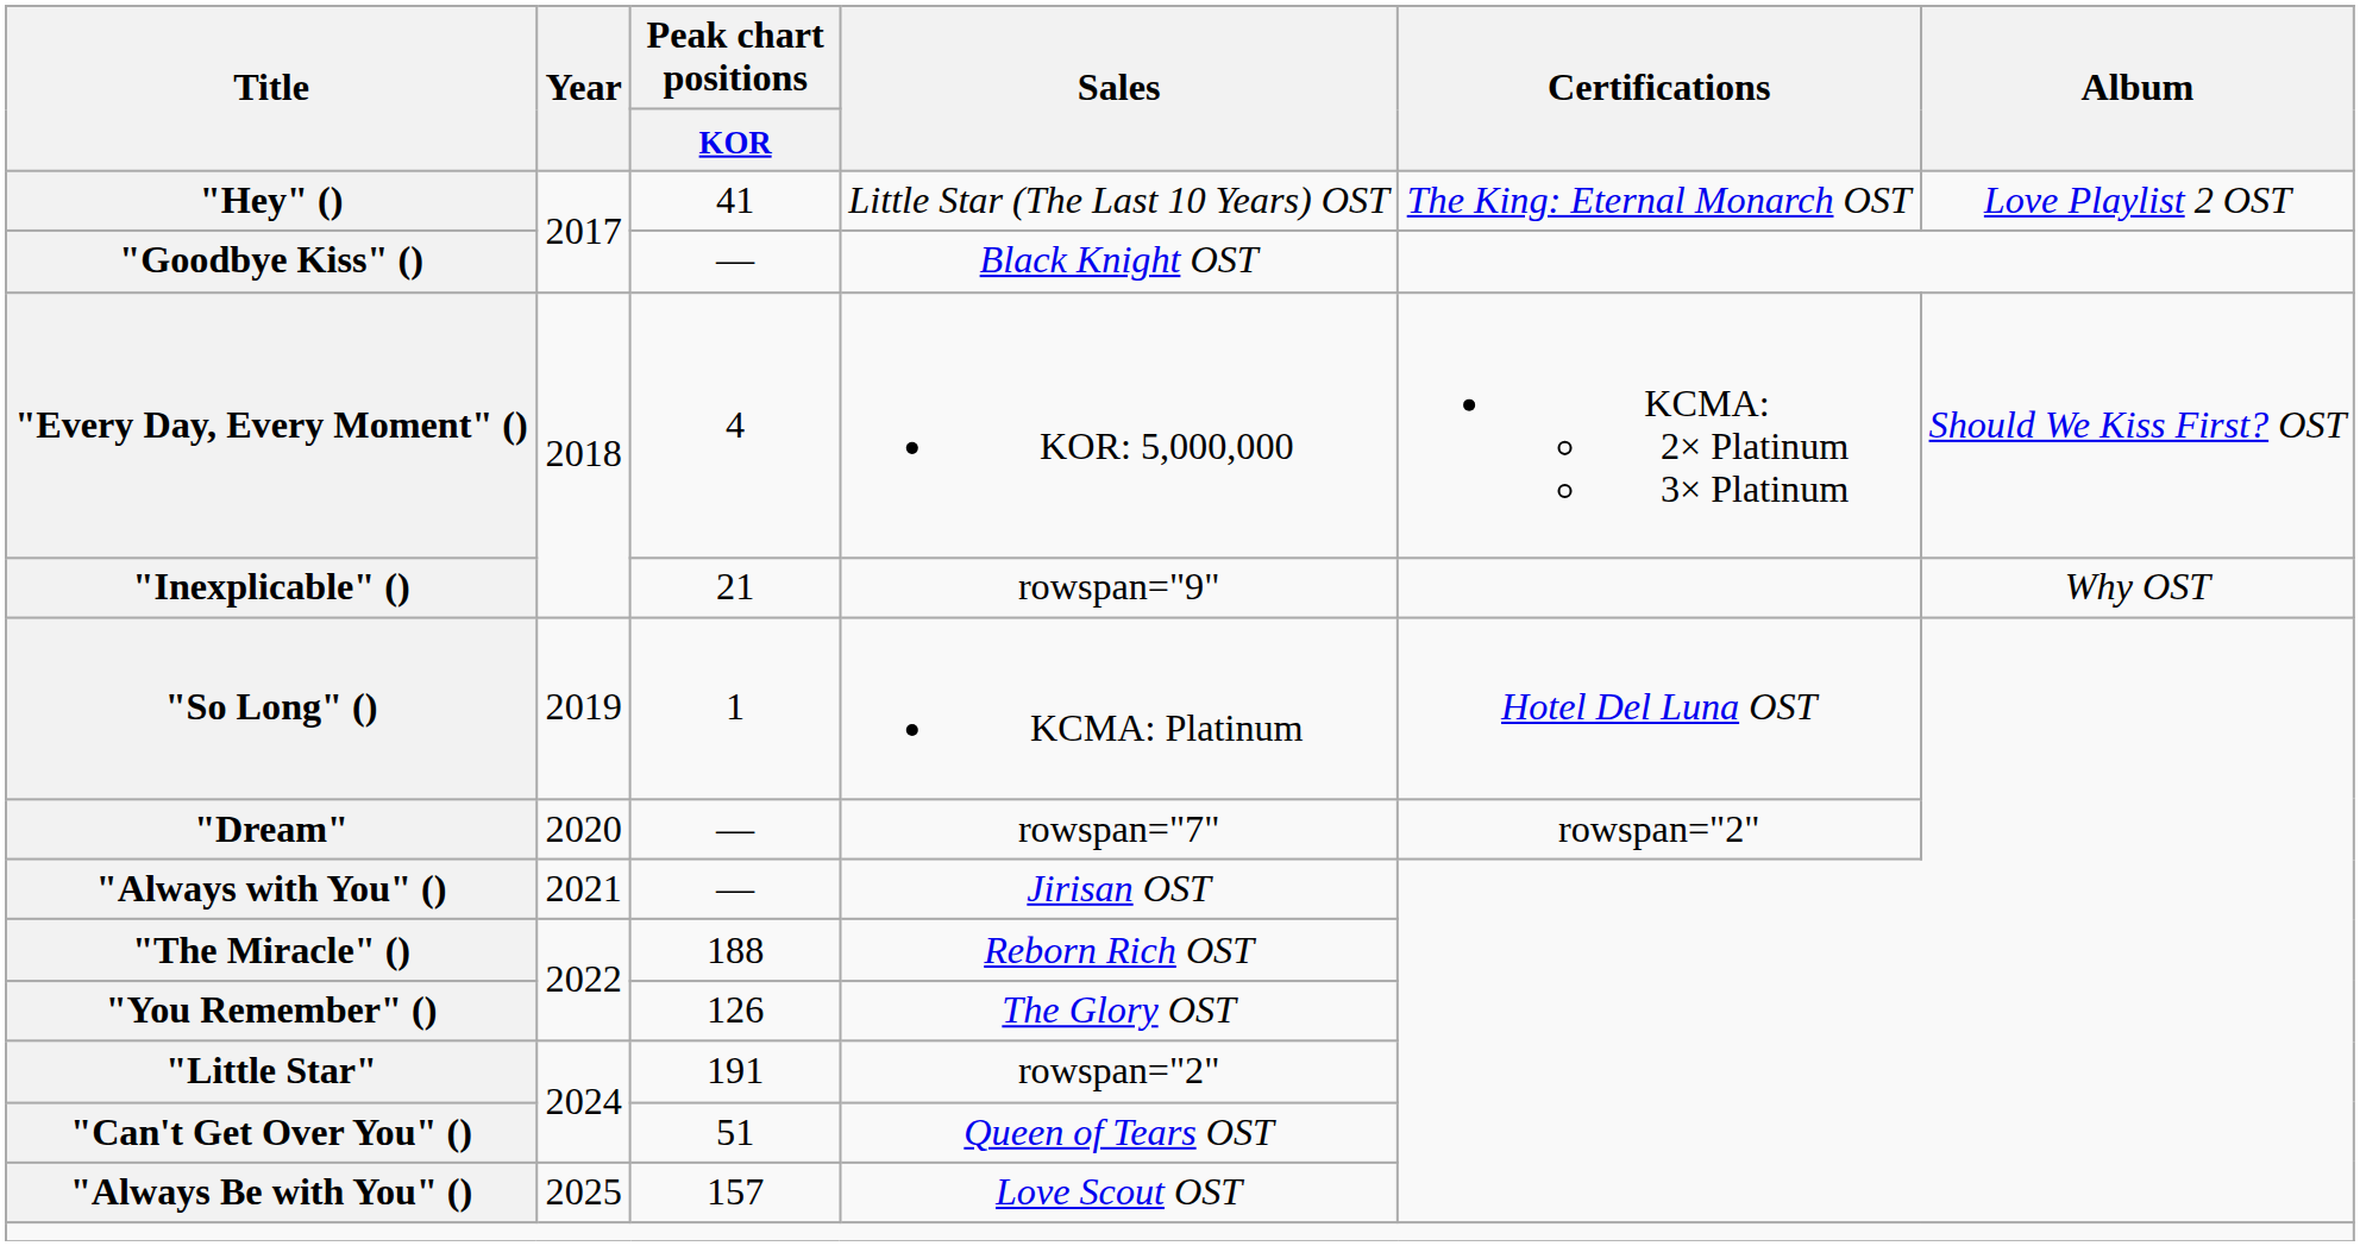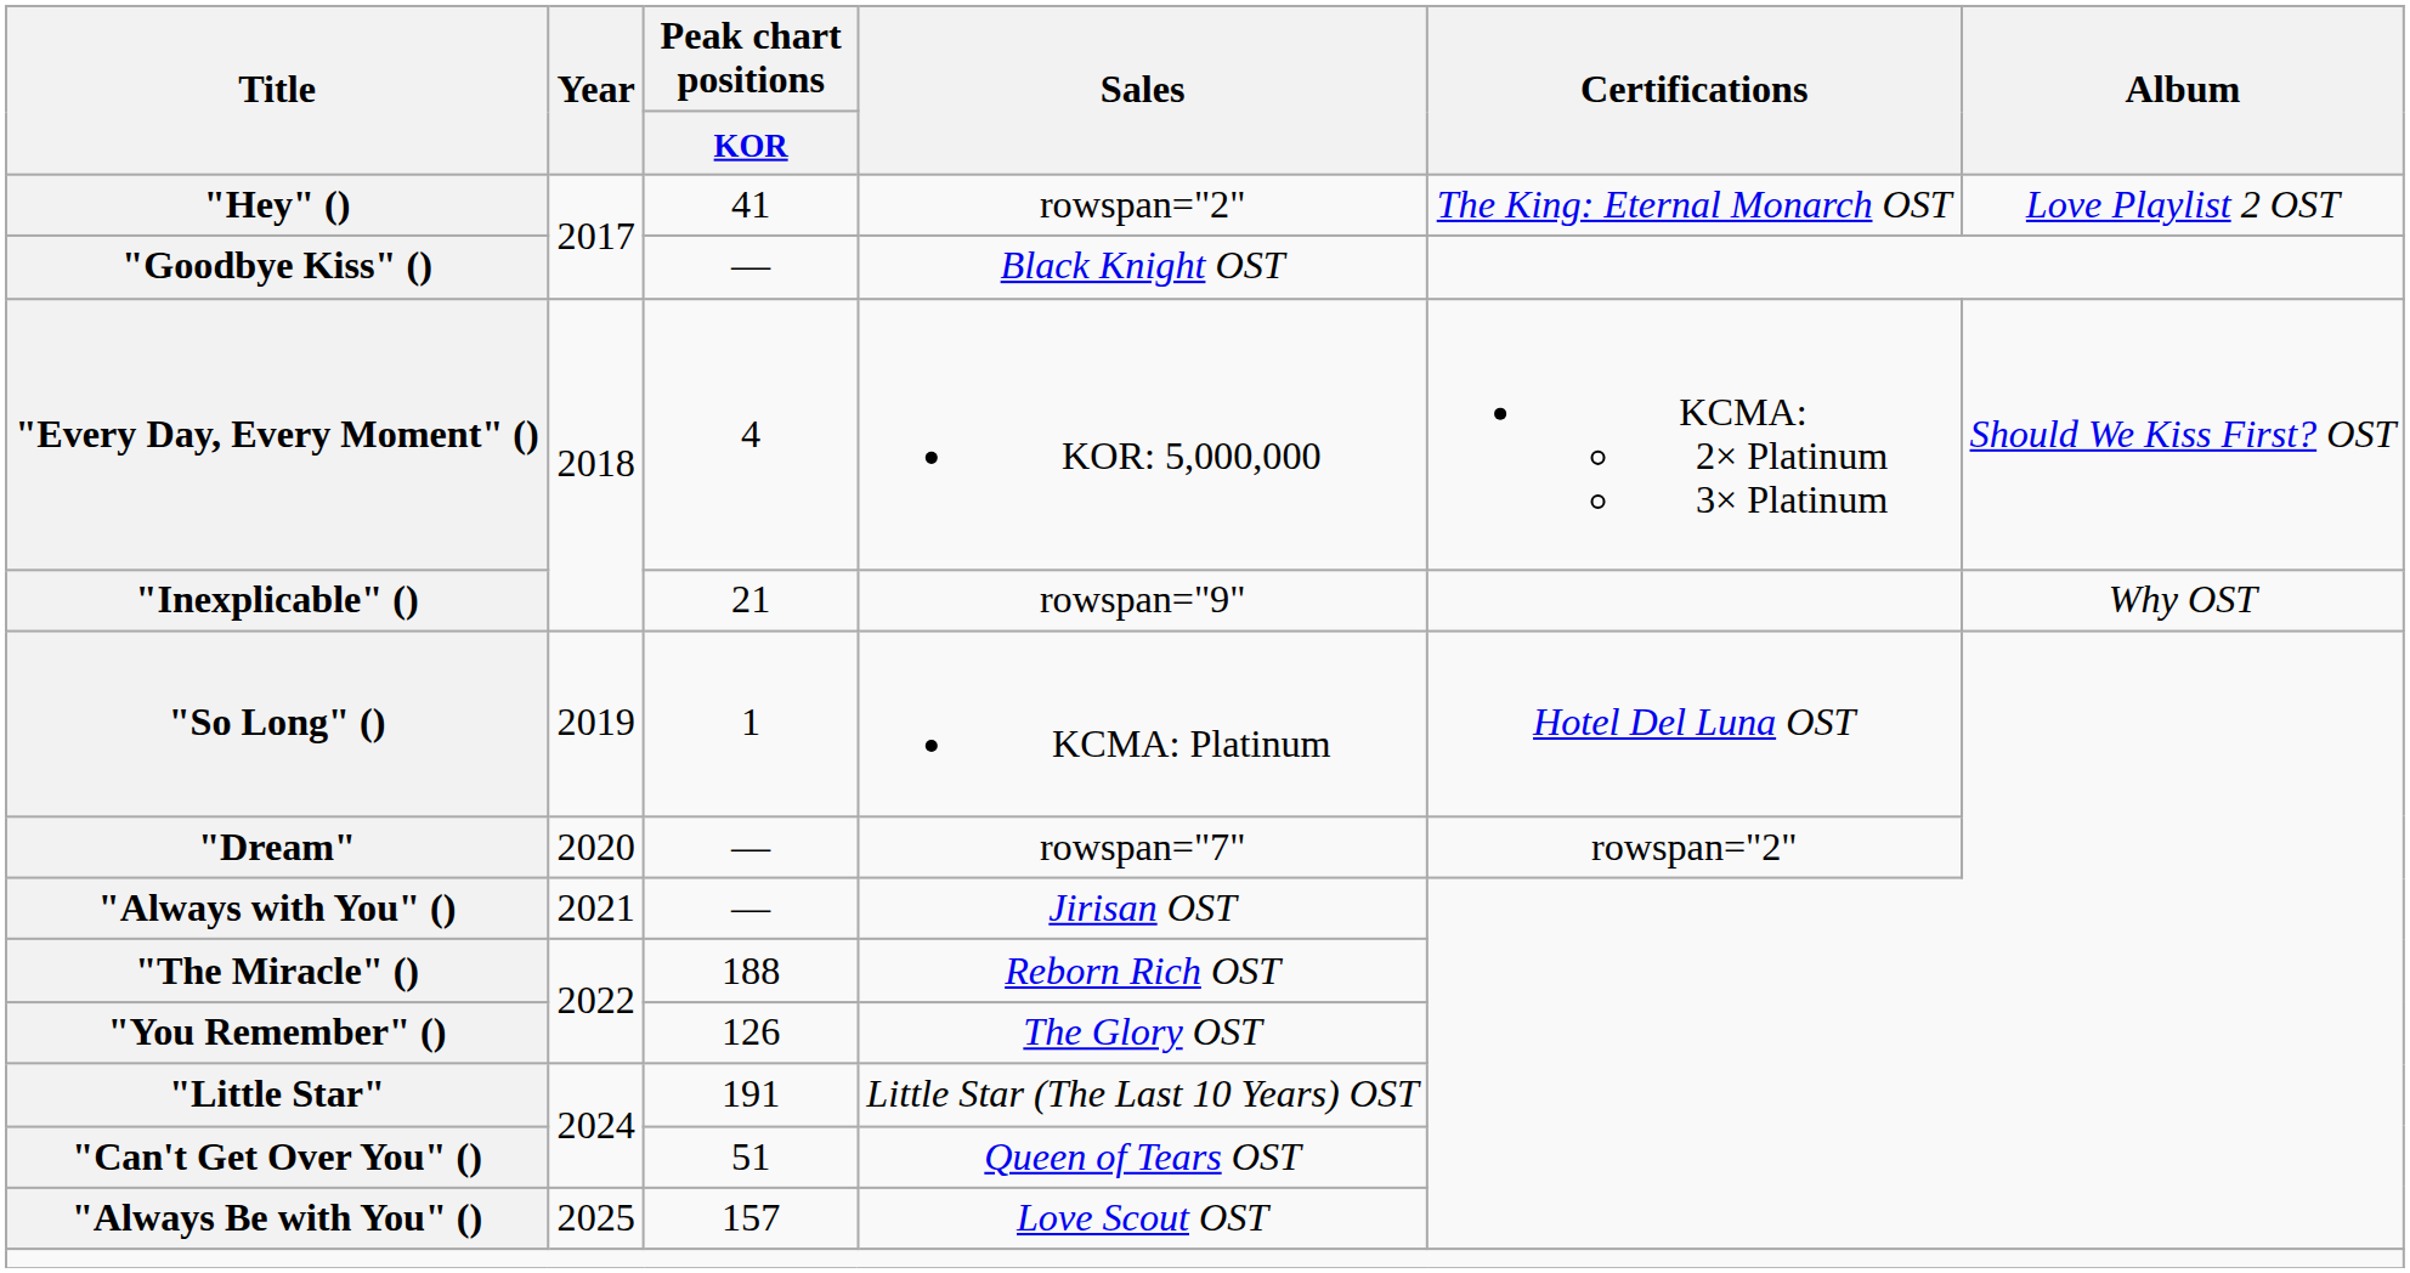 <table class="wikitable plainrowheaders" style="text-align:center;">
 <tr>
 <th scope="col" rowspan="2">Title</th>
 <th scope="col" rowspan="2">Year</th>
 <th scope="col" style="width:5em">Peak chart positions</th>
 <th scope="col" rowspan="2">Sales</th>
 <th scope="col" rowspan="2">Certifications</th>
 <th scope="col" rowspan="2">Album</th>
 </tr>
 <tr>
 <th><small><a href='#'>KOR</a><br></small></th>
 </tr>
 <tr>
 <th scope="row">"Hey" ()</th>
 <td rowspan="2">2017</td>
 <td>41</td>
-<td><em>Little Star (The Last 10 Years) OST</em></td>
+<td>rowspan="2" </td>
 <td><em><a href='#'>The King: Eternal Monarch</a> OST</em></td>
 <td><em><a href='#'>Love Playlist</a> 2 OST</em></td>
 </tr>
 <tr>
 <th scope="row">"Goodbye Kiss" ()</th>
 <td>—</td>
 <td><em><a href='#'>Black Knight</a> OST</em></td>
 </tr>
 <tr>
 <th scope="row">"Every Day, Every Moment" ()</th>
 <td rowspan="2">2018</td>
 <td>4</td>
 <td><br><ul><li>KOR: 5,000,000</li></ul></td>
 <td><br><ul><li>KCMA:<ul><li>2× Platinum </li><li>3× Platinum </li></ul></li></ul></td>
 <td><em> <a href='#'>Should We Kiss First?</a> OST</em></td>
 </tr>
 <tr>
 <th scope="row">"Inexplicable" ()</th>
 <td>21</td>
 <td>rowspan="9" </td>
 <td></td>
 <td><em>Why OST</em></td>
 </tr>
 <tr>
 <th scope="row">"So Long" ()</th>
 <td>2019</td>
 <td>1</td>
 <td><br><ul><li>KCMA: Platinum </li></ul></td>
 <td><em> <a href='#'>Hotel Del Luna</a> OST</em></td>
 </tr>
 <tr>
 <th scope="row">"Dream"</th>
 <td>2020</td>
 <td>—</td>
 <td>rowspan="7" </td>
 <td>rowspan="2" </td>
 </tr>
 <tr>
 <th scope="row">"Always with You" ()</th>
 <td>2021</td>
 <td>—</td>
 <td><em><a href='#'>Jirisan</a> OST</em></td>
 </tr>
 <tr>
 <th scope="row">"The Miracle" ()</th>
 <td rowspan="2">2022</td>
 <td>188</td>
 <td><em><a href='#'>Reborn Rich</a> OST</em></td>
 </tr>
 <tr>
 <th scope="row">"You Remember" ()</th>
 <td>126</td>
 <td><em><a href='#'>The Glory</a> OST</em></td>
 </tr>
 <tr>
 <th scope="row">"Little Star"</th>
 <td rowspan="2">2024</td>
 <td>191</td>
-<td>rowspan="2" </td>
+<td><em>Little Star (The Last 10 Years) OST</em></td>
 </tr>
 <tr>
 <th scope="row">"Can't Get Over You" ()</th>
 <td>51</td>
 <td><em><a href='#'>Queen of Tears</a> OST</em></td>
 </tr>
 <tr>
 <th scope="row">"Always Be with You" ()</th>
 <td>2025</td>
 <td>157</td>
 <td><em><a href='#'>Love Scout</a> OST</em></td>
 </tr>
 <tr>
 <td colspan="6"></td>
 </tr>
 </table>
